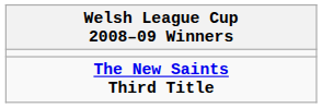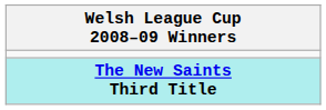 <table class="wikitable" style="text-align: center; margin: 0 auto; width: 20%">
 <tr>
 <th>Welsh League Cup <br>2008–09 Winners</th>
 </tr>
 <tr>
 <td></td>
 </tr>
 <tr>
-<td><strong><a href='#'>The New Saints</a></strong><br><strong>Third Title</strong></td>
+<td style="background: paleturquoise;"><strong><a href='#'>The New Saints</a></strong><br><strong>Third Title</strong></td>
 </tr>
 </table>
